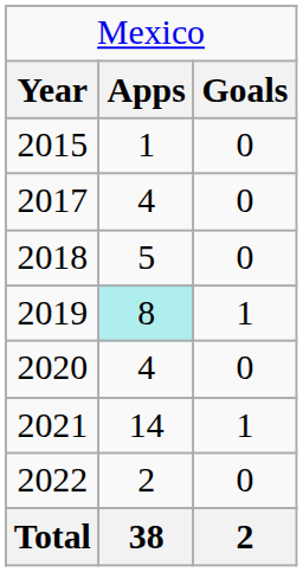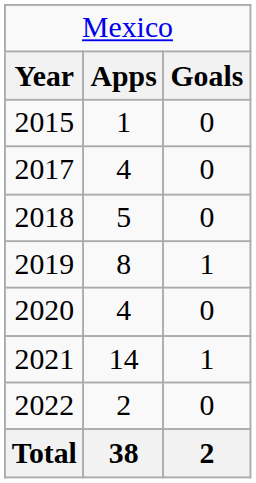 <table class="wikitable" style="text-align:center">
 <tr>
 <td colspan=3><a href='#'>Mexico</a></td>
 </tr>
 <tr>
 <th>Year</th>
 <th>Apps</th>
 <th>Goals</th>
 </tr>
 <tr>
 <td>2015</td>
 <td>1</td>
 <td>0</td>
 </tr>
 <tr>
 <td>2017</td>
 <td>4</td>
 <td>0</td>
 </tr>
 <tr>
 <td>2018</td>
 <td>5</td>
 <td>0</td>
 </tr>
 <tr>
 <td>2019</td>
-<td style="background: paleturquoise;">8</td>
+<td>8</td>
 <td>1</td>
 </tr>
 <tr>
 <td>2020</td>
 <td>4</td>
 <td>0</td>
 </tr>
 <tr>
 <td>2021</td>
 <td>14</td>
 <td>1</td>
 </tr>
 <tr>
 <td>2022</td>
 <td>2</td>
 <td>0</td>
 </tr>
 <tr>
 <th>Total</th>
 <th>38</th>
 <th>2</th>
 </tr>
 </table>
